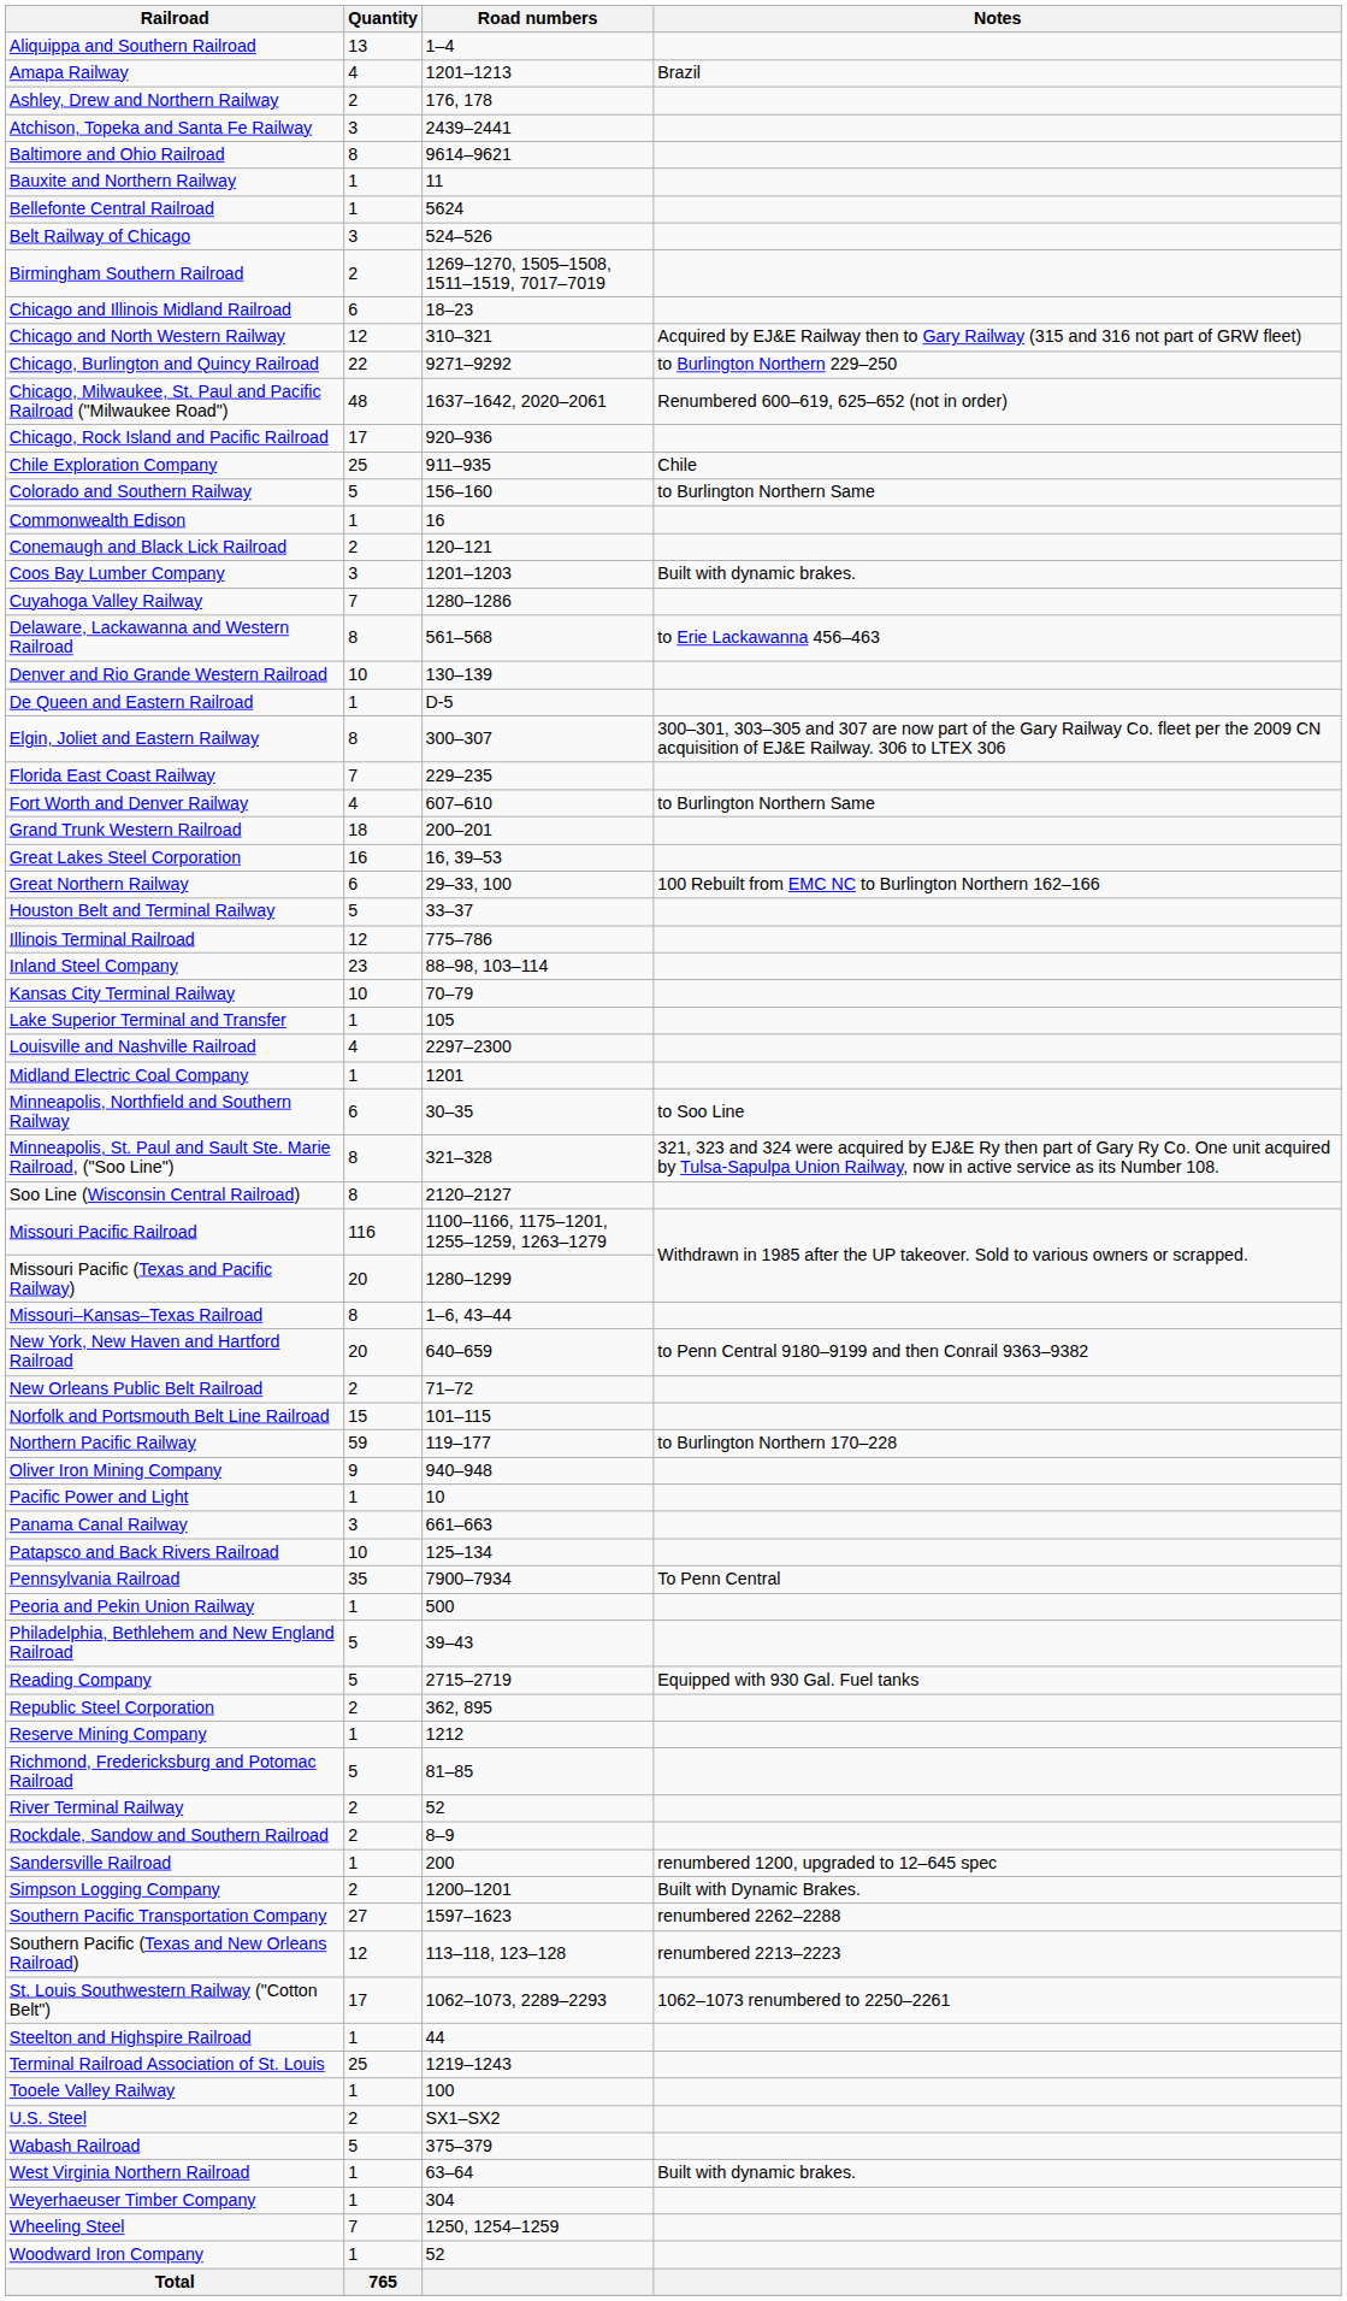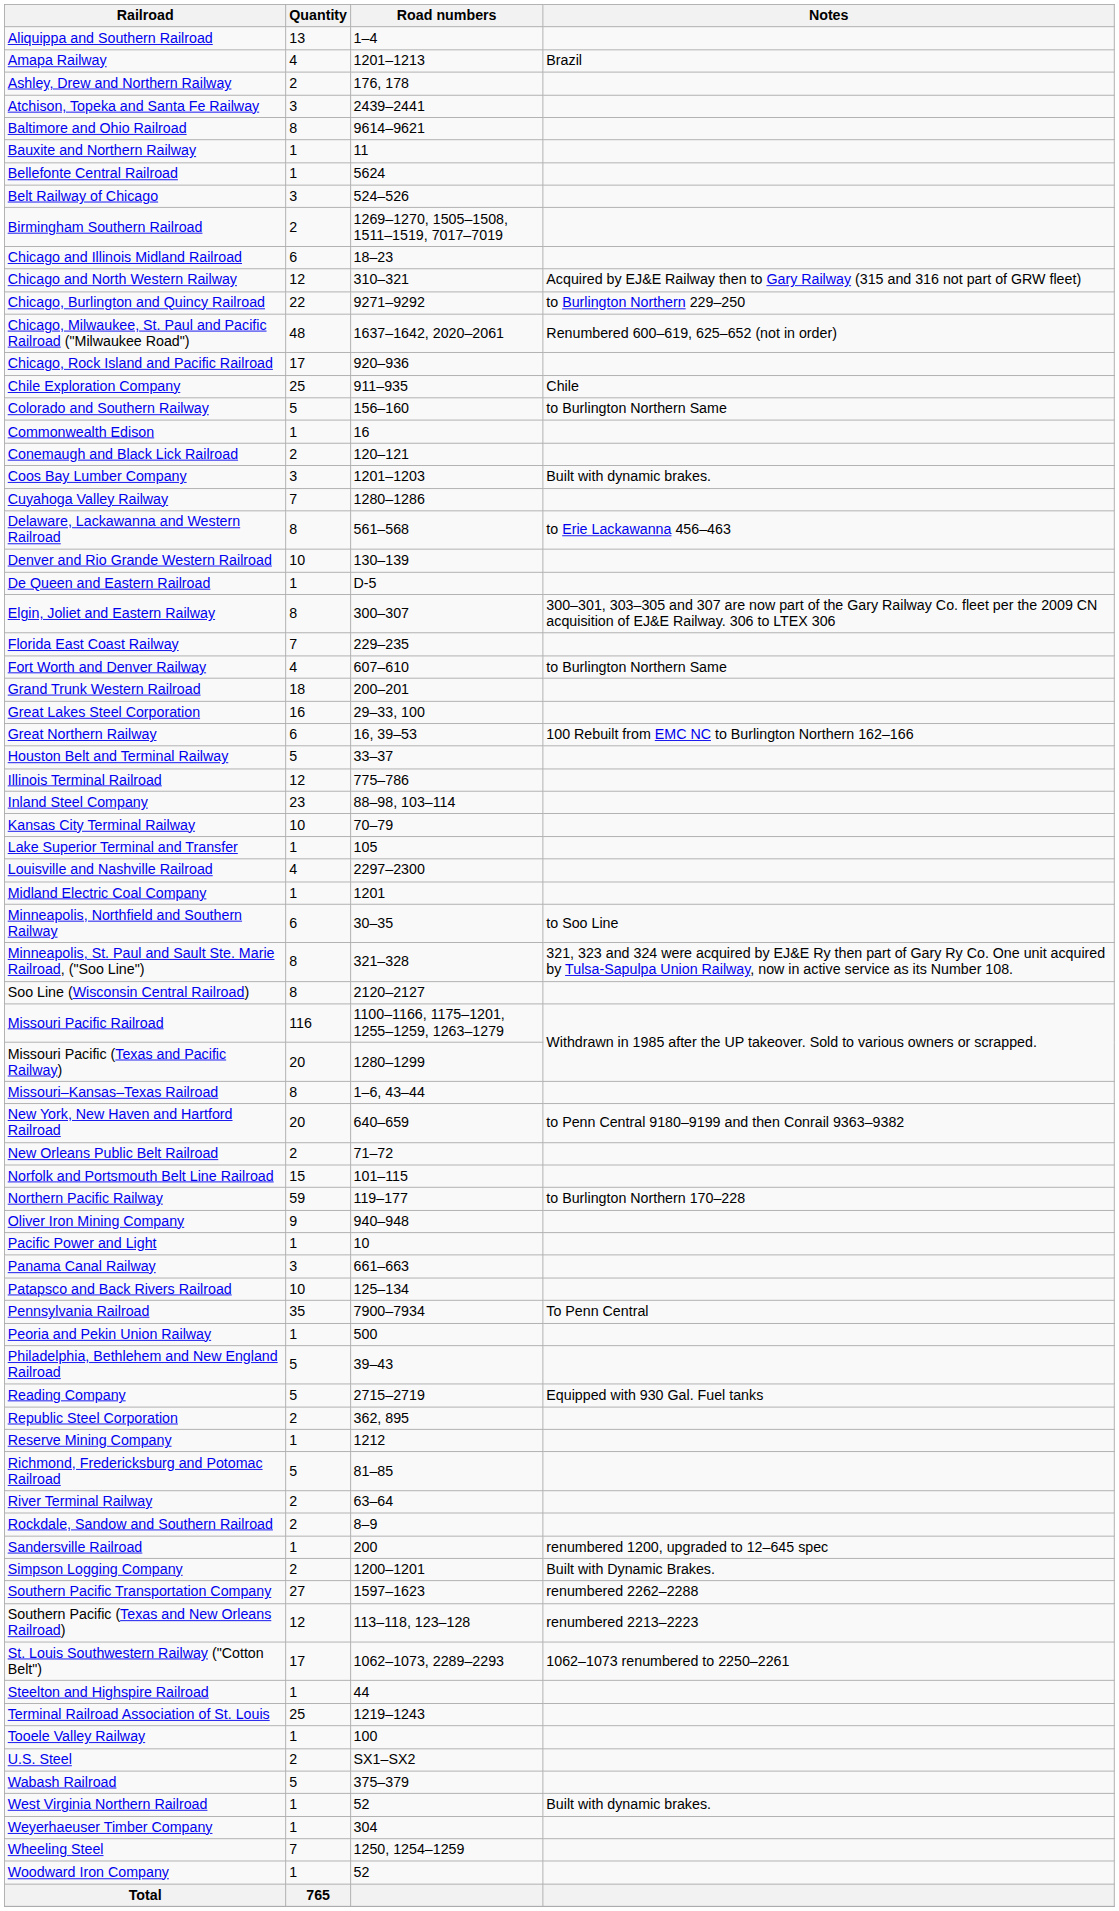 <table class="wikitable col2right col3center">
 <tr>
 <th>Railroad</th>
 <th>Quantity</th>
 <th>Road numbers</th>
 <th>Notes</th>
 </tr>
 <tr>
 <td><a href='#'>Aliquippa and Southern Railroad</a></td>
 <td>13</td>
 <td>1–4</td>
 <td></td>
 </tr>
 <tr>
 <td><a href='#'>Amapa Railway</a></td>
 <td>4</td>
 <td>1201–1213</td>
 <td>Brazil</td>
 </tr>
 <tr>
 <td><a href='#'>Ashley, Drew and Northern Railway</a></td>
 <td>2</td>
 <td>176, 178</td>
 <td></td>
 </tr>
 <tr>
 <td><a href='#'>Atchison, Topeka and Santa Fe Railway</a></td>
 <td>3</td>
 <td>2439–2441</td>
 <td></td>
 </tr>
 <tr>
 <td><a href='#'>Baltimore and Ohio Railroad</a></td>
 <td>8</td>
 <td>9614–9621</td>
 <td></td>
 </tr>
 <tr>
 <td><a href='#'>Bauxite and Northern Railway</a></td>
 <td>1</td>
 <td>11</td>
 <td></td>
 </tr>
 <tr>
 <td><a href='#'>Bellefonte Central Railroad</a></td>
 <td>1</td>
 <td>5624</td>
 <td></td>
 </tr>
 <tr>
 <td><a href='#'>Belt Railway of Chicago</a></td>
 <td>3</td>
 <td>524–526</td>
 <td></td>
 </tr>
 <tr>
 <td><a href='#'>Birmingham Southern Railroad</a></td>
 <td>2</td>
 <td>1269–1270, 1505–1508, 1511–1519, 7017–7019</td>
 <td></td>
 </tr>
 <tr>
 <td><a href='#'>Chicago and Illinois Midland Railroad</a></td>
 <td>6</td>
 <td>18–23</td>
 <td></td>
 </tr>
 <tr>
 <td><a href='#'>Chicago and North Western Railway</a></td>
 <td>12</td>
 <td>310–321</td>
 <td>Acquired by EJ&E Railway then to <a href='#'>Gary Railway</a> (315 and 316 not part of GRW fleet)</td>
 </tr>
 <tr>
 <td><a href='#'>Chicago, Burlington and Quincy Railroad</a></td>
 <td>22</td>
 <td>9271–9292</td>
 <td>to <a href='#'>Burlington Northern</a> 229–250</td>
 </tr>
 <tr>
 <td><a href='#'>Chicago, Milwaukee, St. Paul and Pacific Railroad</a> ("Milwaukee Road")</td>
 <td>48</td>
 <td>1637–1642, 2020–2061</td>
 <td>Renumbered 600–619, 625–652 (not in order)</td>
 </tr>
 <tr>
 <td><a href='#'>Chicago, Rock Island and Pacific Railroad</a></td>
 <td>17</td>
 <td>920–936</td>
 <td></td>
 </tr>
 <tr>
 <td><a href='#'>Chile Exploration Company</a></td>
 <td>25</td>
 <td>911–935</td>
 <td>Chile</td>
 </tr>
 <tr>
 <td><a href='#'>Colorado and Southern Railway</a></td>
 <td>5</td>
 <td>156–160</td>
 <td>to Burlington Northern Same</td>
 </tr>
 <tr>
 <td><a href='#'>Commonwealth Edison</a></td>
 <td>1</td>
 <td>16</td>
 <td></td>
 </tr>
 <tr>
 <td><a href='#'>Conemaugh and Black Lick Railroad</a></td>
 <td>2</td>
 <td>120–121</td>
 <td></td>
 </tr>
 <tr>
 <td><a href='#'>Coos Bay Lumber Company</a></td>
 <td>3</td>
 <td>1201–1203</td>
 <td>Built with dynamic brakes.</td>
 </tr>
 <tr>
 <td><a href='#'>Cuyahoga Valley Railway</a></td>
 <td>7</td>
 <td>1280–1286</td>
 <td></td>
 </tr>
 <tr>
 <td><a href='#'>Delaware, Lackawanna and Western Railroad</a></td>
 <td>8</td>
 <td>561–568</td>
 <td>to <a href='#'>Erie Lackawanna</a> 456–463</td>
 </tr>
 <tr>
 <td><a href='#'>Denver and Rio Grande Western Railroad</a></td>
 <td>10</td>
 <td>130–139</td>
 <td></td>
 </tr>
 <tr>
 <td><a href='#'>De Queen and Eastern Railroad</a></td>
 <td>1</td>
 <td>D-5</td>
 <td></td>
 </tr>
 <tr>
 <td><a href='#'>Elgin, Joliet and Eastern Railway</a></td>
 <td>8</td>
 <td>300–307</td>
 <td>300–301, 303–305 and 307 are now part of the Gary Railway Co. fleet per the 2009 CN acquisition of EJ&E Railway. 306 to LTEX 306</td>
 </tr>
 <tr>
 <td><a href='#'>Florida East Coast Railway</a></td>
 <td>7</td>
 <td>229–235</td>
 <td></td>
 </tr>
 <tr>
 <td><a href='#'>Fort Worth and Denver Railway</a></td>
 <td>4</td>
 <td>607–610</td>
 <td>to Burlington Northern Same</td>
 </tr>
 <tr>
 <td><a href='#'>Grand Trunk Western Railroad</a></td>
 <td>18</td>
 <td>200–201</td>
 <td></td>
 </tr>
 <tr>
 <td><a href='#'>Great Lakes Steel Corporation</a></td>
 <td>16</td>
-<td>16, 39–53</td>
+<td>29–33, 100</td>
 <td></td>
 </tr>
 <tr>
 <td><a href='#'>Great Northern Railway</a></td>
 <td>6</td>
-<td>29–33, 100</td>
+<td>16, 39–53</td>
 <td>100 Rebuilt from <a href='#'>EMC NC</a> to Burlington Northern 162–166</td>
 </tr>
 <tr>
 <td><a href='#'>Houston Belt and Terminal Railway</a></td>
 <td>5</td>
 <td>33–37</td>
 <td></td>
 </tr>
 <tr>
 <td><a href='#'>Illinois Terminal Railroad</a></td>
 <td>12</td>
 <td>775–786</td>
 <td></td>
 </tr>
 <tr>
 <td><a href='#'>Inland Steel Company</a></td>
 <td>23</td>
 <td>88–98, 103–114</td>
 <td></td>
 </tr>
 <tr>
 <td><a href='#'>Kansas City Terminal Railway</a></td>
 <td>10</td>
 <td>70–79</td>
 <td></td>
 </tr>
 <tr>
 <td><a href='#'>Lake Superior Terminal and Transfer</a></td>
 <td>1</td>
 <td>105</td>
 <td></td>
 </tr>
 <tr>
 <td><a href='#'>Louisville and Nashville Railroad</a></td>
 <td>4</td>
 <td>2297–2300</td>
 <td></td>
 </tr>
 <tr>
 <td><a href='#'>Midland Electric Coal Company</a></td>
 <td>1</td>
 <td>1201</td>
 <td></td>
 </tr>
 <tr>
 <td><a href='#'>Minneapolis, Northfield and Southern Railway</a></td>
 <td>6</td>
 <td>30–35</td>
 <td>to Soo Line</td>
 </tr>
 <tr>
 <td><a href='#'>Minneapolis, St. Paul and Sault Ste. Marie Railroad</a>, ("Soo Line")</td>
 <td>8</td>
 <td>321–328</td>
 <td>321, 323 and 324 were acquired by EJ&E Ry then part of Gary Ry Co. One unit acquired by <a href='#'>Tulsa-Sapulpa Union Railway</a>, now in active service as its Number 108.</td>
 </tr>
 <tr>
 <td>Soo Line (<a href='#'>Wisconsin Central Railroad</a>)</td>
 <td>8</td>
 <td>2120–2127</td>
 <td></td>
 </tr>
 <tr>
 <td><a href='#'>Missouri Pacific Railroad</a></td>
 <td>116</td>
 <td>1100–1166, 1175–1201, 1255–1259, 1263–1279</td>
 <td rowspan="2">Withdrawn in 1985 after the UP takeover. Sold to various owners or scrapped.</td>
 </tr>
 <tr>
 <td>Missouri Pacific (<a href='#'>Texas and Pacific Railway</a>)</td>
 <td>20</td>
 <td>1280–1299</td>
 </tr>
 <tr>
 <td><a href='#'>Missouri–Kansas–Texas Railroad</a></td>
 <td>8</td>
 <td>1–6, 43–44</td>
 <td></td>
 </tr>
 <tr>
 <td><a href='#'>New York, New Haven and Hartford Railroad</a></td>
 <td>20</td>
 <td>640–659</td>
 <td>to Penn Central 9180–9199 and then Conrail 9363–9382</td>
 </tr>
 <tr>
 <td><a href='#'>New Orleans Public Belt Railroad</a></td>
 <td>2</td>
 <td>71–72</td>
 <td></td>
 </tr>
 <tr>
 <td><a href='#'>Norfolk and Portsmouth Belt Line Railroad</a></td>
 <td>15</td>
 <td>101–115</td>
 <td></td>
 </tr>
 <tr>
 <td><a href='#'>Northern Pacific Railway</a></td>
 <td>59</td>
 <td>119–177</td>
 <td>to Burlington Northern 170–228</td>
 </tr>
 <tr>
 <td><a href='#'>Oliver Iron Mining Company</a></td>
 <td>9</td>
 <td>940–948</td>
 <td></td>
 </tr>
 <tr>
 <td><a href='#'>Pacific Power and Light</a></td>
 <td>1</td>
 <td>10</td>
 <td></td>
 </tr>
 <tr>
 <td><a href='#'>Panama Canal Railway</a></td>
 <td>3</td>
 <td>661–663</td>
 <td></td>
 </tr>
 <tr>
 <td><a href='#'>Patapsco and Back Rivers Railroad</a></td>
 <td>10</td>
 <td>125–134</td>
 <td></td>
 </tr>
 <tr>
 <td><a href='#'>Pennsylvania Railroad</a></td>
 <td>35</td>
 <td>7900–7934</td>
 <td>To Penn Central</td>
 </tr>
 <tr>
 <td><a href='#'>Peoria and Pekin Union Railway</a></td>
 <td>1</td>
 <td>500</td>
 <td></td>
 </tr>
 <tr>
 <td><a href='#'>Philadelphia, Bethlehem and New England Railroad</a></td>
 <td>5</td>
 <td>39–43</td>
 <td></td>
 </tr>
 <tr>
 <td><a href='#'>Reading Company</a></td>
 <td>5</td>
 <td>2715–2719</td>
 <td>Equipped with 930 Gal. Fuel tanks</td>
 </tr>
 <tr>
 <td><a href='#'>Republic Steel Corporation</a></td>
 <td>2</td>
 <td>362, 895</td>
 <td></td>
 </tr>
 <tr>
 <td><a href='#'>Reserve Mining Company</a></td>
 <td>1</td>
 <td>1212</td>
 <td></td>
 </tr>
 <tr>
 <td><a href='#'>Richmond, Fredericksburg and Potomac Railroad</a></td>
 <td>5</td>
 <td>81–85</td>
 <td></td>
 </tr>
 <tr>
 <td><a href='#'>River Terminal Railway</a></td>
 <td>2</td>
-<td>52</td>
+<td>63–64</td>
 <td></td>
 </tr>
 <tr>
 <td><a href='#'>Rockdale, Sandow and Southern Railroad</a></td>
 <td>2</td>
 <td>8–9</td>
 <td></td>
 </tr>
 <tr>
 <td><a href='#'>Sandersville Railroad</a></td>
 <td>1</td>
 <td>200</td>
 <td>renumbered 1200, upgraded to 12–645 spec</td>
 </tr>
 <tr>
 <td><a href='#'>Simpson Logging Company</a></td>
 <td>2</td>
 <td>1200–1201</td>
 <td>Built with Dynamic Brakes.</td>
 </tr>
 <tr>
 <td><a href='#'>Southern Pacific Transportation Company</a></td>
 <td>27</td>
 <td>1597–1623</td>
 <td>renumbered 2262–2288</td>
 </tr>
 <tr>
 <td>Southern Pacific (<a href='#'>Texas and New Orleans Railroad</a>)</td>
 <td>12</td>
 <td>113–118, 123–128</td>
 <td>renumbered 2213–2223</td>
 </tr>
 <tr>
 <td><a href='#'>St. Louis Southwestern Railway</a> ("Cotton Belt")</td>
 <td>17</td>
 <td>1062–1073, 2289–2293</td>
 <td>1062–1073 renumbered to 2250–2261</td>
 </tr>
 <tr>
 <td><a href='#'>Steelton and Highspire Railroad</a></td>
 <td>1</td>
 <td>44</td>
 <td></td>
 </tr>
 <tr>
 <td><a href='#'>Terminal Railroad Association of St. Louis</a></td>
 <td>25</td>
 <td>1219–1243</td>
 <td></td>
 </tr>
 <tr>
 <td><a href='#'>Tooele Valley Railway</a></td>
 <td>1</td>
 <td>100</td>
 <td></td>
 </tr>
 <tr>
 <td><a href='#'>U.S. Steel</a></td>
 <td>2</td>
 <td>SX1–SX2</td>
 <td></td>
 </tr>
 <tr>
 <td><a href='#'>Wabash Railroad</a></td>
 <td>5</td>
 <td>375–379</td>
 <td></td>
 </tr>
 <tr>
 <td><a href='#'>West Virginia Northern Railroad</a></td>
 <td>1</td>
-<td>63–64</td>
+<td>52</td>
 <td>Built with dynamic brakes.</td>
 </tr>
 <tr>
 <td><a href='#'>Weyerhaeuser Timber Company</a></td>
 <td>1</td>
 <td>304</td>
 <td></td>
 </tr>
 <tr>
 <td><a href='#'>Wheeling Steel</a></td>
 <td>7</td>
 <td>1250, 1254–1259</td>
 <td></td>
 </tr>
 <tr>
 <td><a href='#'>Woodward Iron Company</a></td>
 <td>1</td>
 <td>52</td>
 <td></td>
 </tr>
 <tr>
 <th>Total</th>
 <th>765</th>
 <th></th>
 <th></th>
 </tr>
 <tr>
 </tr>
 </table>
